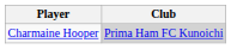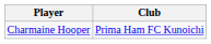 <table class="wikitable">
 <tr>
 <th>Player</th>
 <th>Club</th>
 </tr>
 <tr>
 <td> <a href='#'>Charmaine Hooper</a></td>
-<td style="background: lightgrey;"><a href='#'>Prima Ham FC Kunoichi</a></td>
+<td><a href='#'>Prima Ham FC Kunoichi</a></td>
 </tr>
 </table>
